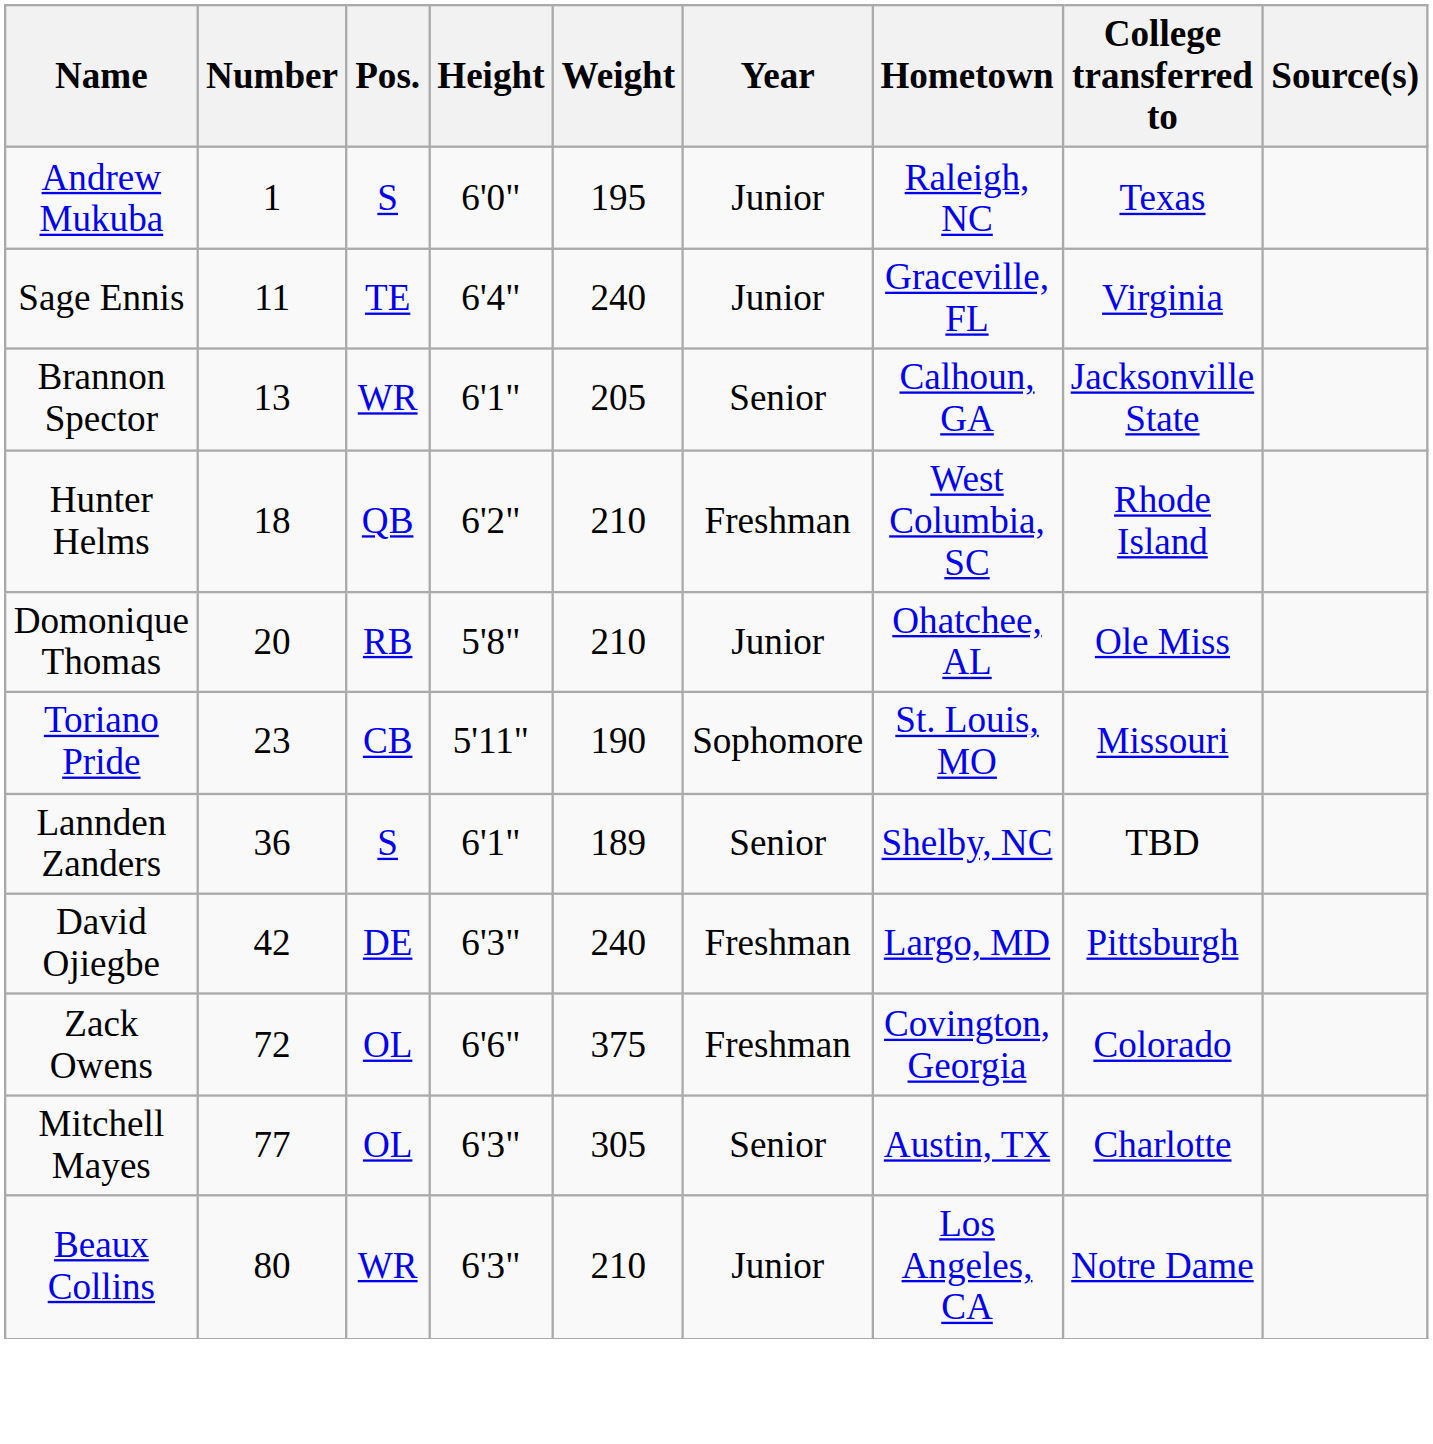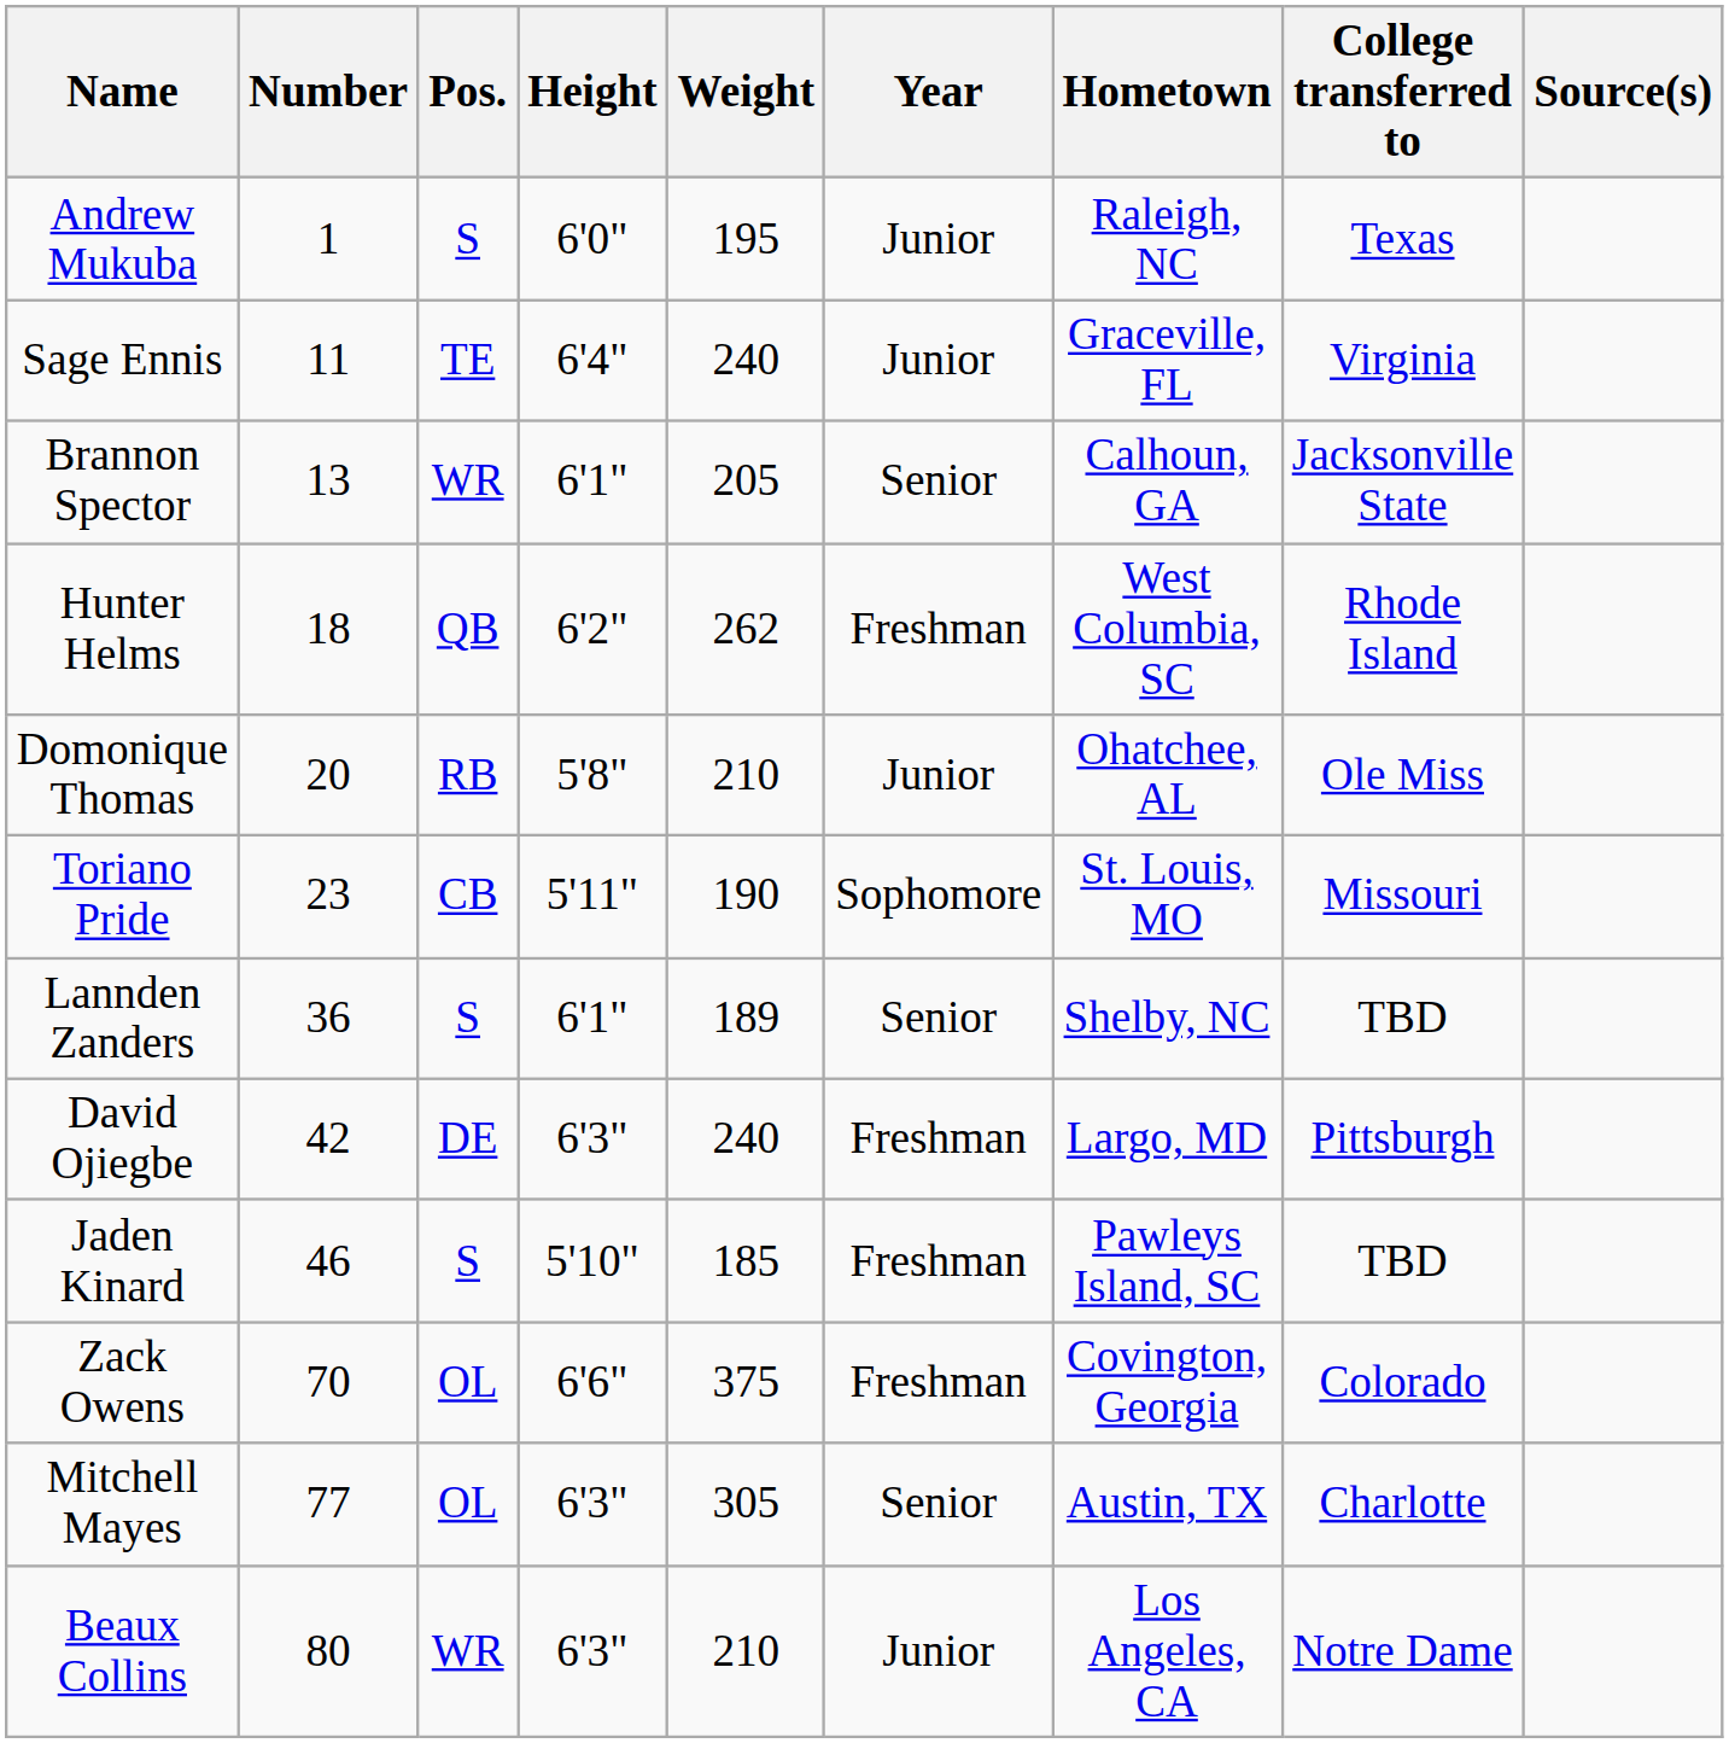 <table class="wikitable sortable" border="1" style="text-align: center;">
 <tr align=center>
 <th>Name</th>
 <th>Number</th>
 <th>Pos.</th>
 <th>Height</th>
 <th>Weight</th>
 <th>Year</th>
 <th>Hometown</th>
 <th>College transferred to</th>
 <th>Source(s)</th>
 </tr>
 <tr>
 <td><a href='#'>Andrew Mukuba</a></td>
 <td>1</td>
 <td><a href='#'>S</a></td>
 <td>6'0"</td>
 <td>195</td>
 <td>Junior</td>
 <td><a href='#'>Raleigh, NC</a></td>
 <td><a href='#'>Texas</a></td>
 <td></td>
 </tr>
 <tr>
 <td>Sage Ennis</td>
 <td>11</td>
 <td><a href='#'>TE</a></td>
 <td>6'4"</td>
 <td>240</td>
 <td> Junior</td>
 <td><a href='#'>Graceville, FL</a></td>
 <td><a href='#'>Virginia</a></td>
 <td></td>
 </tr>
 <tr>
 <td>Brannon Spector</td>
 <td>13</td>
 <td><a href='#'>WR</a></td>
 <td>6'1"</td>
 <td>205</td>
 <td> Senior</td>
 <td><a href='#'>Calhoun, GA</a></td>
 <td><a href='#'>Jacksonville State</a></td>
 <td></td>
 </tr>
 <tr>
 <td>Hunter Helms</td>
 <td>18</td>
 <td><a href='#'>QB</a></td>
 <td>6'2"</td>
-<td>210</td>
+<td>262</td>
 <td>Freshman</td>
 <td><a href='#'>West Columbia, SC</a></td>
 <td><a href='#'>Rhode Island</a></td>
 <td></td>
 </tr>
 <tr>
 <td>Domonique Thomas</td>
 <td>20</td>
 <td><a href='#'>RB</a></td>
 <td>5'8"</td>
 <td>210</td>
 <td> Junior</td>
 <td><a href='#'>Ohatchee, AL</a></td>
 <td><a href='#'>Ole Miss</a></td>
 <td></td>
 </tr>
 <tr>
 <td><a href='#'>Toriano Pride</a></td>
 <td>23</td>
 <td><a href='#'>CB</a></td>
 <td>5'11"</td>
 <td>190</td>
 <td>Sophomore</td>
 <td><a href='#'>St. Louis, MO</a></td>
 <td><a href='#'>Missouri</a></td>
 <td></td>
 </tr>
 <tr>
 <td>Lannden Zanders</td>
 <td>36</td>
 <td><a href='#'>S</a></td>
 <td>6'1"</td>
 <td>189</td>
 <td> Senior</td>
 <td><a href='#'>Shelby, NC</a></td>
 <td>TBD</td>
 <td></td>
 </tr>
 <tr>
 <td>David Ojiegbe</td>
 <td>42</td>
 <td><a href='#'>DE</a></td>
 <td>6'3"</td>
 <td>240</td>
 <td>Freshman</td>
 <td><a href='#'>Largo, MD</a></td>
 <td><a href='#'>Pittsburgh</a></td>
 <td></td>
 </tr>
 <tr>
+<td>Jaden Kinard</td>
+<td>46</td>
+<td><a href='#'>S</a></td>
+<td>5'10"</td>
+<td>185</td>
+<td> Freshman</td>
+<td><a href='#'>Pawleys Island, SC</a></td>
+<td>TBD</td>
+<td></td>
+</tr>
+<tr>
 <td>Zack Owens</td>
-<td>72</td>
+<td>70</td>
 <td><a href='#'>OL</a></td>
 <td>6'6"</td>
 <td>375</td>
 <td> Freshman</td>
 <td><a href='#'>Covington, Georgia</a></td>
 <td><a href='#'>Colorado</a></td>
 <td></td>
 </tr>
 <tr>
 <td>Mitchell Mayes</td>
 <td>77</td>
 <td><a href='#'>OL</a></td>
 <td>6'3"</td>
 <td>305</td>
 <td>Senior</td>
 <td><a href='#'>Austin, TX</a></td>
 <td><a href='#'>Charlotte</a></td>
 <td></td>
 </tr>
 <tr>
 <td><a href='#'>Beaux Collins</a></td>
 <td>80</td>
 <td><a href='#'>WR</a></td>
 <td>6'3"</td>
 <td>210</td>
 <td>Junior</td>
 <td><a href='#'>Los Angeles, CA</a></td>
 <td><a href='#'>Notre Dame</a></td>
 <td></td>
 </tr>
 </table>
